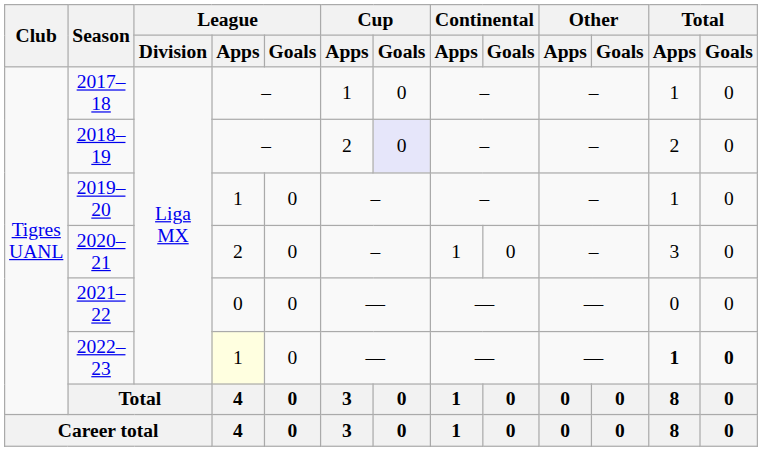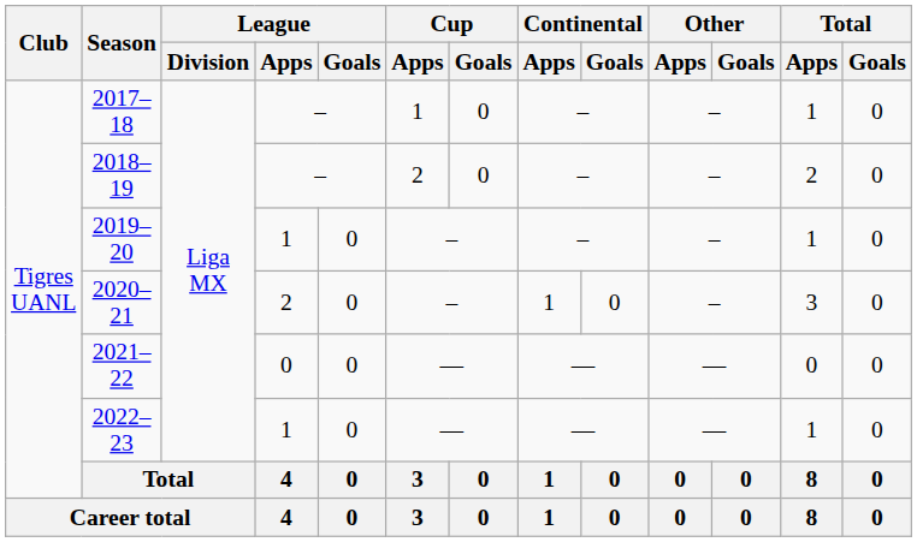 <table class="wikitable" style="text-align: center">
 <tr>
 <th rowspan="2">Club</th>
 <th rowspan="2">Season</th>
 <th colspan="3">League</th>
 <th colspan="2">Cup</th>
 <th colspan="2">Continental</th>
 <th colspan="2">Other</th>
 <th colspan="2">Total</th>
 </tr>
 <tr>
 <th>Division</th>
 <th>Apps</th>
 <th>Goals</th>
 <th>Apps</th>
 <th>Goals</th>
 <th>Apps</th>
 <th>Goals</th>
 <th>Apps</th>
 <th>Goals</th>
 <th>Apps</th>
 <th>Goals</th>
 </tr>
 <tr>
 <td rowspan="7"><a href='#'>Tigres UANL</a></td>
 <td><a href='#'>2017–18</a></td>
 <td rowspan="6"><a href='#'>Liga MX</a></td>
 <td colspan="2">–</td>
 <td>1</td>
 <td>0</td>
 <td colspan="2">–</td>
 <td colspan="2">–</td>
 <td>1</td>
 <td>0</td>
 </tr>
 <tr>
 <td><a href='#'>2018–19</a></td>
 <td colspan="2">–</td>
 <td>2</td>
-<td style="background: lavender;">0</td>
+<td>0</td>
 <td colspan="2">–</td>
 <td colspan="2">–</td>
 <td>2</td>
 <td>0</td>
 </tr>
 <tr>
 <td><a href='#'>2019–20</a></td>
 <td>1</td>
 <td>0</td>
 <td colspan="2">–</td>
 <td colspan="2">–</td>
 <td colspan="2">–</td>
 <td>1</td>
 <td>0</td>
 </tr>
 <tr>
 <td><a href='#'>2020–21</a></td>
 <td>2</td>
 <td>0</td>
 <td colspan="2">–</td>
 <td>1</td>
 <td>0</td>
 <td colspan="2">–</td>
 <td>3</td>
 <td>0</td>
 </tr>
 <tr>
 <td><a href='#'>2021–22</a></td>
 <td>0</td>
 <td>0</td>
 <td colspan=2>—</td>
 <td colspan=2>—</td>
 <td colspan=2>—</td>
 <td>0</td>
 <td>0</td>
 </tr>
 <tr>
 <td><a href='#'>2022–23</a></td>
-<td style="background: lightyellow;">1</td>
+<td>1</td>
 <td>0</td>
 <td colspan=2>—</td>
 <td colspan=2>—</td>
 <td colspan=2>—</td>
-<td><strong>1</strong></td>
-<td><strong>0</strong></td>
+<td>1</td>
+<td>0</td>
 </tr>
 <tr>
 <th colspan="2">Total</th>
 <th>4</th>
 <th>0</th>
 <th>3</th>
 <th>0</th>
 <th>1</th>
 <th>0</th>
 <th>0</th>
 <th>0</th>
 <th>8</th>
 <th>0</th>
 </tr>
 <tr>
 <th colspan=3>Career total</th>
 <th>4</th>
 <th>0</th>
 <th>3</th>
 <th>0</th>
 <th>1</th>
 <th>0</th>
 <th>0</th>
 <th>0</th>
 <th>8</th>
 <th>0</th>
 </tr>
 </table>
